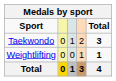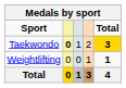 <table class="wikitable" style="font-size:85%">
 <tr style="background:#efefef;">
 <th colspan=7><strong>Medals by sport</strong></th>
 </tr>
 <tr align=center>
 <td><strong>Sport</strong></td>
 <td bgcolor=#f7f6a8></td>
 <td bgcolor=#dce5e5></td>
 <td bgcolor=#ffdab9></td>
 <td><strong>Total</strong></td>
 </tr>
 <tr align=center>
 <td><a href='#'>Taekwondo</a></td>
-<td style="background:#F7F6A8;">0</td>
+<td style="background:#F7F6A8;"><strong>0</strong></td>
 <td style="background:#DCE5E5;">1</td>
 <td style="background:#FFDAB9;">2</td>
-<td><strong>3</strong></td>
+<td style="background: gold;"><strong>3</strong></td>
 </tr>
 <tr align=center>
 <td><a href='#'>Weightlifting</a></td>
 <td style="background:#F7F6A8;">0</td>
 <td style="background:#DCE5E5;">0</td>
 <td style="background:#FFDAB9;">1</td>
 <td><strong>1</strong></td>
 </tr>
 <tr align=center>
 <th><strong>Total</strong></th>
 <th style="background:gold;"><strong>0</strong></th>
 <th style="background:silver;"><strong>1</strong></th>
 <th style="background:#c96;"><strong>3</strong></th>
 <th><strong>4</strong></th>
 </tr>
 </table>
